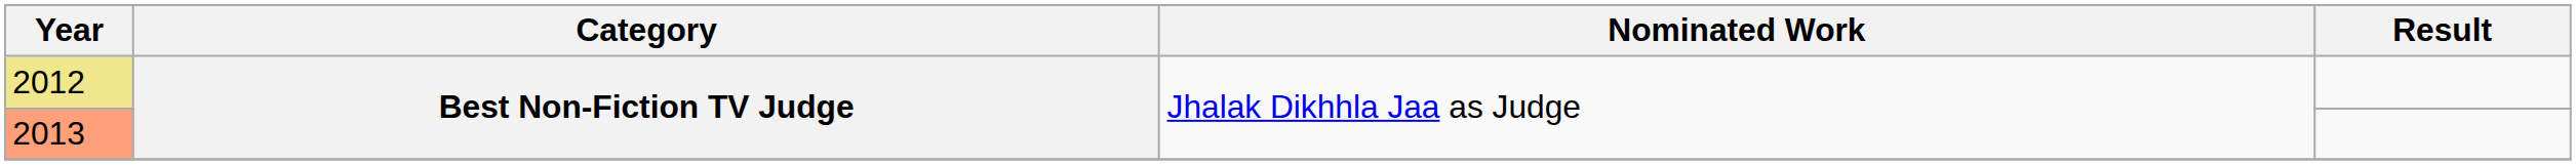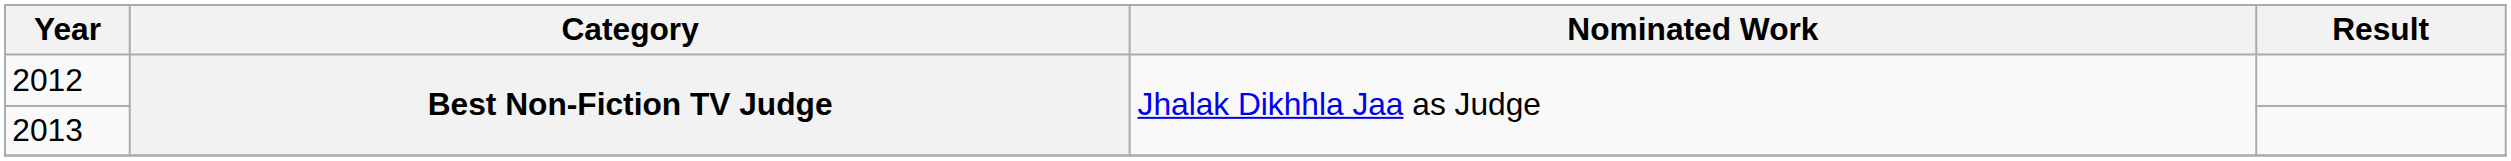 <table class="wikitable sortable plainrowheaders" style="width:100%;">
 <tr>
 <th scope="col" style="width:5%;">Year</th>
 <th scope="col" style="width:40%;">Category</th>
 <th scope="col" style="width:45%;">Nominated Work</th>
 <th scope="col" style="width:10%;">Result</th>
 </tr>
 <tr>
-<td style="background: khaki;">2012</td>
+<td>2012</td>
 <th rowspan="2" scope="row">Best Non-Fiction TV Judge</th>
 <td rowspan="2"><a href='#'>Jhalak Dikhhla Jaa</a> as Judge</td>
 <td></td>
 </tr>
 <tr>
-<td style="background: lightsalmon;">2013</td>
+<td>2013</td>
 <td></td>
 </tr>
 <tr>
 </tr>
 </table>
